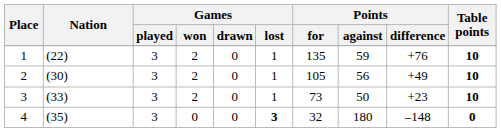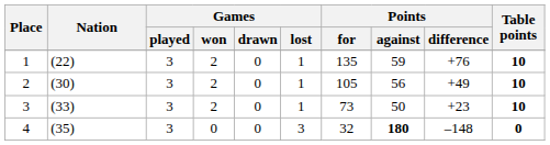 <table class="wikitable">
 <tr>
 <th rowspan=2 width="8%">Place</th>
 <th rowspan=2 width="20%">Nation</th>
 <th colspan=4 width="32%">Games</th>
 <th colspan=3 width="30%">Points</th>
 <th rowspan=2 width="10%">Table<br>points</th>
 </tr>
 <tr>
 <th width="8%">played</th>
 <th width="8%">won</th>
 <th width="8%">drawn</th>
 <th width="8%">lost</th>
 <th width="10%">for</th>
 <th width="10%">against</th>
 <th width="10%">difference</th>
 </tr>
 <tr>
 </tr>
 <tr bgcolor=#ffffff align=center>
 <td>1</td>
 <td align=left> (22)</td>
 <td>3</td>
 <td>2</td>
 <td>0</td>
 <td>1</td>
 <td>135</td>
 <td>59</td>
 <td>+76</td>
 <td><strong>10</strong></td>
 </tr>
 <tr bgcolor=#ffffff align=center>
 <td>2</td>
 <td align=left> (30)</td>
 <td>3</td>
 <td>2</td>
 <td>0</td>
 <td>1</td>
 <td>105</td>
 <td>56</td>
 <td>+49</td>
 <td><strong>10</strong></td>
 </tr>
 <tr bgcolor=#ffffff align=center>
 <td>3</td>
 <td align=left> (33)</td>
 <td>3</td>
 <td>2</td>
 <td>0</td>
 <td>1</td>
 <td>73</td>
 <td>50</td>
 <td>+23</td>
 <td><strong>10</strong></td>
 </tr>
 <tr bgcolor=#ffffff align=center>
 <td>4</td>
 <td align=left> (35)</td>
 <td>3</td>
 <td>0</td>
 <td>0</td>
-<td><strong>3</strong></td>
+<td>3</td>
 <td>32</td>
-<td>180</td>
+<td><strong>180</strong></td>
 <td>–148</td>
 <td><strong>0</strong></td>
 </tr>
 </table>
